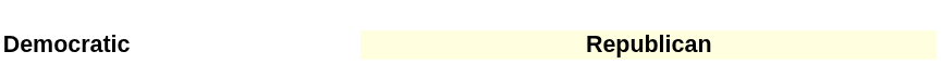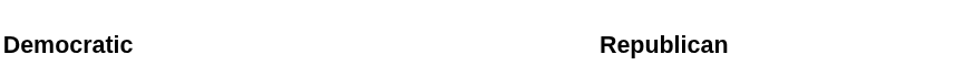 <table style="width:50em; text-align:center">
 <tr style="color:white">
 <td style="background:"><strong>47</strong></td>
 <td style="background:"><strong>49</strong></td>
 </tr>
 <tr>
 <td><span><strong>Democratic</strong></span></td>
-<td style="background: lightyellow;"><span><strong>Republican</strong></span></td>
+<td><span><strong>Republican</strong></span></td>
 </tr>
 </table>
